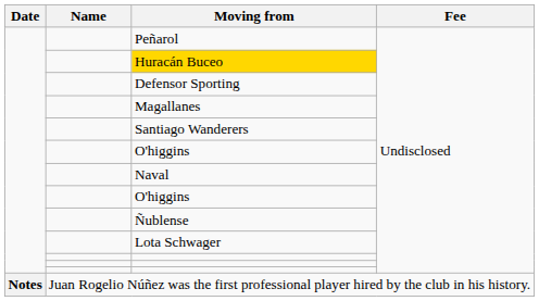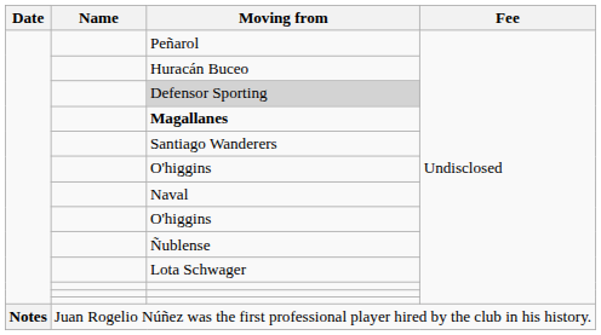 <table class="wikitable sortable">
 <tr>
 <th>Date</th>
 <th>Name</th>
 <th>Moving from</th>
 <th>Fee</th>
 </tr>
 <tr>
 <td rowspan="13"><strong></strong></td>
 <td> </td>
 <td> Peñarol</td>
 <td rowspan="13">Undisclosed</td>
 </tr>
 <tr>
 <td> </td>
-<td style="background: gold;"> Huracán Buceo</td>
+<td> Huracán Buceo</td>
 </tr>
 <tr>
 <td> </td>
-<td> Defensor Sporting</td>
+<td style="background: lightgrey;"> Defensor Sporting</td>
 </tr>
 <tr>
 <td> </td>
-<td> Magallanes</td>
+<td><strong> Magallanes</strong></td>
 </tr>
 <tr>
 <td> </td>
 <td> Santiago Wanderers</td>
 </tr>
 <tr>
 <td> </td>
 <td> O'higgins</td>
 </tr>
 <tr>
 <td> </td>
 <td> Naval</td>
 </tr>
 <tr>
 <td> </td>
 <td> O'higgins</td>
 </tr>
 <tr>
 <td> </td>
 <td> Ñublense</td>
 </tr>
 <tr>
 <td> </td>
 <td> Lota Schwager</td>
 </tr>
 <tr>
 <td> </td>
 <td></td>
 </tr>
 <tr>
 <td> </td>
 <td></td>
 </tr>
 <tr>
 <td> </td>
 <td></td>
 </tr>
 <tr>
 <th scope="row">Notes</th>
 <td colspan="3">Juan Rogelio Núñez was the first professional player hired by the club in his history.</td>
 </tr>
 </table>
